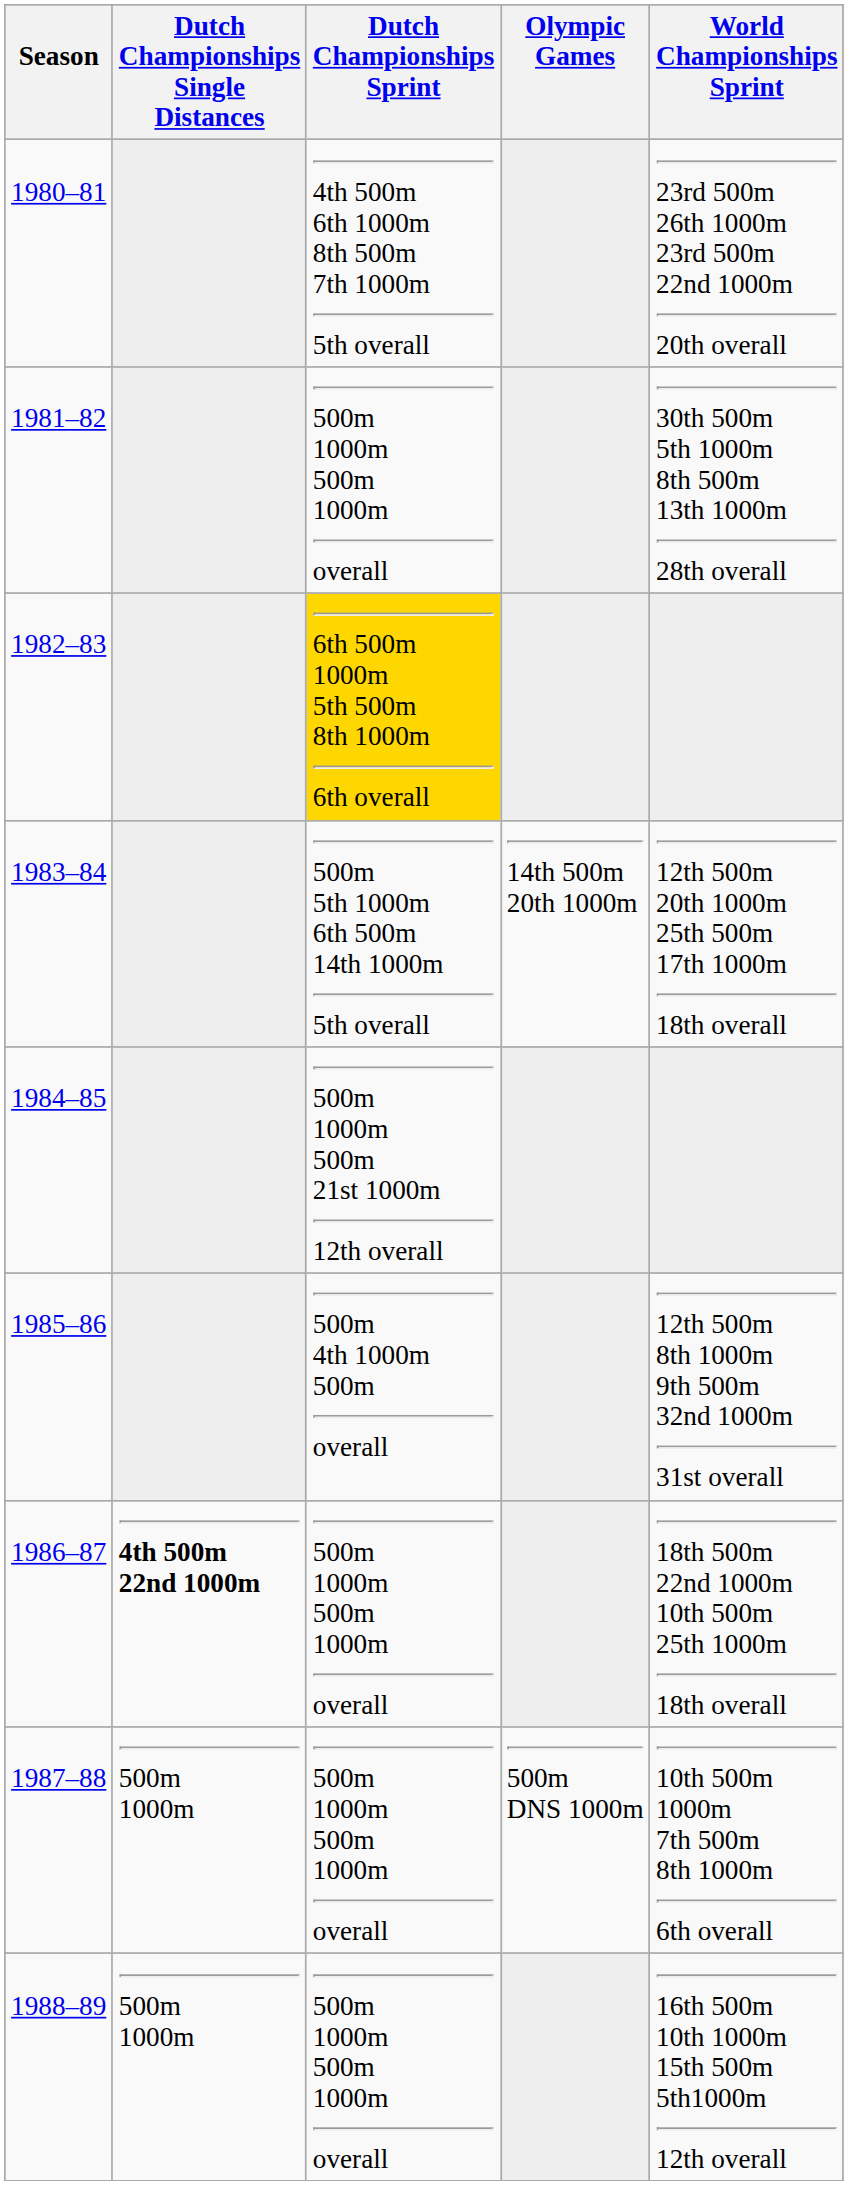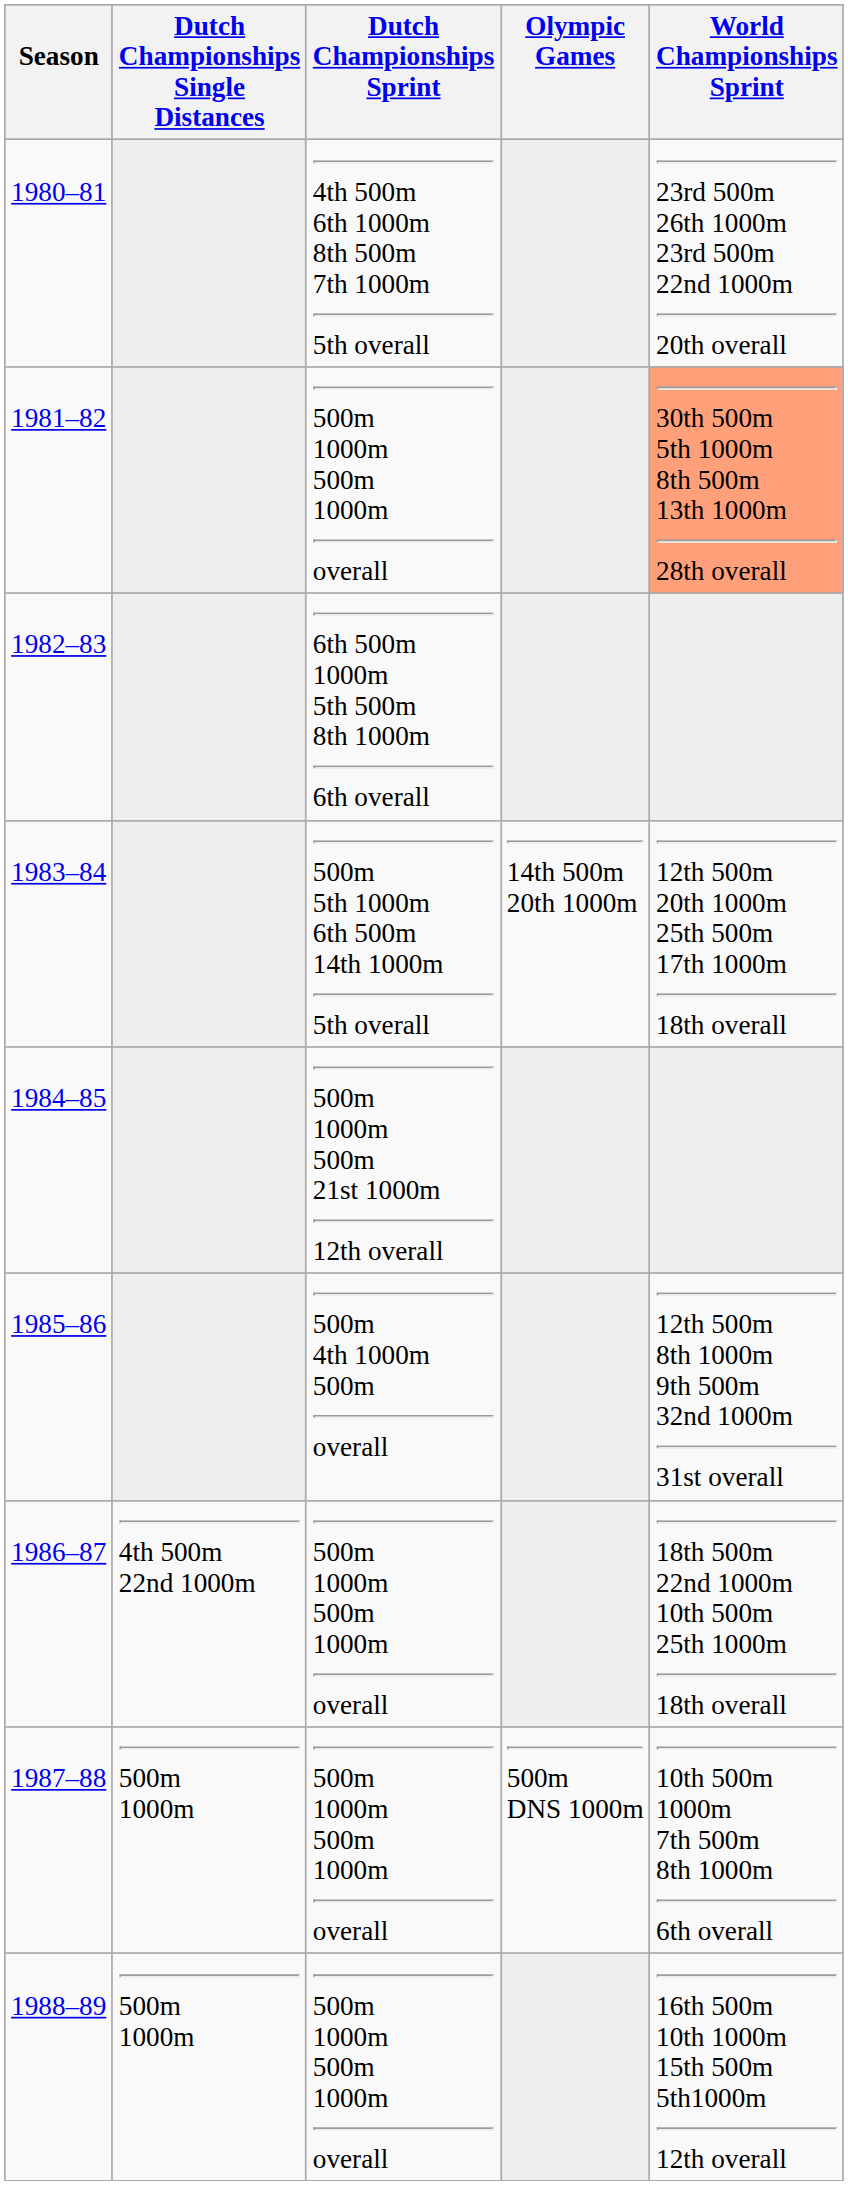 <table class="wikitable">
 <tr style="vertical-align: top;">
 <th><br> Season</th>
 <th><a href='#'>Dutch <br> Championships <br> Single <br> Distances</a></th>
 <th><a href='#'>Dutch <br> Championships <br> Sprint</a></th>
 <th><a href='#'>Olympic <br> Games</a></th>
 <th><a href='#'>World <br> Championships <br> Sprint</a></th>
 </tr>
 <tr style="vertical-align: top;">
 <td><br> <a href='#'>1980–81</a></td>
 <td bgcolor=#EEEEEE></td>
 <td> <hr> 4th 500m <br> 6th 1000m <br> 8th 500m <br> 7th 1000m <hr> 5th overall</td>
 <td bgcolor=#EEEEEE></td>
 <td> <hr> 23rd 500m <br> 26th 1000m <br> 23rd 500m <br> 22nd 1000m <hr> 20th overall</td>
 </tr>
 <tr style="vertical-align: top;">
 <td><br> <a href='#'>1981–82</a></td>
 <td bgcolor=#EEEEEE></td>
 <td> <hr>  500m <br>  1000m <br>  500m <br>  1000m <hr>  overall</td>
 <td bgcolor=#EEEEEE></td>
-<td> <hr> 30th 500m <br> 5th 1000m <br> 8th 500m <br> 13th 1000m <hr> 28th overall</td>
+<td style="background: lightsalmon;"> <hr> 30th 500m <br> 5th 1000m <br> 8th 500m <br> 13th 1000m <hr> 28th overall</td>
 </tr>
 <tr style="vertical-align: top;">
 <td><br> <a href='#'>1982–83</a></td>
 <td bgcolor=#EEEEEE></td>
-<td style="background: gold;"> <hr> 6th 500m <br>  1000m <br> 5th 500m <br> 8th 1000m <hr> 6th overall</td>
+<td> <hr> 6th 500m <br>  1000m <br> 5th 500m <br> 8th 1000m <hr> 6th overall</td>
 <td bgcolor=#EEEEEE></td>
 <td bgcolor=#EEEEEE></td>
 </tr>
 <tr style="vertical-align: top;">
 <td><br> <a href='#'>1983–84</a></td>
 <td bgcolor=#EEEEEE></td>
 <td> <hr>  500m <br> 5th 1000m <br> 6th 500m <br> 14th 1000m <hr> 5th overall</td>
 <td> <hr> 14th 500m <br> 20th 1000m</td>
 <td> <hr> 12th 500m <br> 20th 1000m <br> 25th 500m <br> 17th 1000m <hr> 18th overall</td>
 </tr>
 <tr style="vertical-align: top;">
 <td><br> <a href='#'>1984–85</a></td>
 <td bgcolor=#EEEEEE></td>
 <td> <hr>  500m <br>  1000m <br>  500m <br> 21st 1000m <hr> 12th overall</td>
 <td bgcolor=#EEEEEE></td>
 <td bgcolor=#EEEEEE></td>
 </tr>
 <tr style="vertical-align: top;">
 <td><br> <a href='#'>1985–86</a></td>
 <td bgcolor=#EEEEEE></td>
 <td> <hr>  500m <br> 4th 1000m <br>  500m <hr>  overall</td>
 <td bgcolor=#EEEEEE></td>
 <td> <hr> 12th 500m <br> 8th 1000m <br> 9th 500m <br> 32nd 1000m <hr> 31st overall</td>
 </tr>
 <tr style="vertical-align: top;">
 <td><br> <a href='#'>1986–87</a></td>
-<td><strong>  <hr> 4th 500m <br> 22nd 1000m</strong></td>
+<td>  <hr> 4th 500m <br> 22nd 1000m</td>
 <td> <hr>  500m <br>  1000m <br>  500m <br>  1000m <hr>  overall</td>
 <td bgcolor=#EEEEEE></td>
 <td> <hr> 18th 500m <br> 22nd 1000m <br> 10th 500m <br> 25th 1000m <hr> 18th overall</td>
 </tr>
 <tr style="vertical-align: top;">
 <td><br> <a href='#'>1987–88</a></td>
 <td> <hr>  500m <br>  1000m</td>
 <td> <hr>  500m <br>  1000m <br>  500m <br>  1000m <hr>  overall</td>
 <td> <hr>  500m <br> DNS 1000m</td>
 <td> <hr> 10th 500m <br>  1000m <br> 7th 500m <br> 8th 1000m <hr> 6th overall</td>
 </tr>
 <tr style="vertical-align: top;">
 <td><br> <a href='#'>1988–89</a></td>
 <td> <hr>  500m <br>  1000m</td>
 <td> <hr>  500m <br>  1000m <br>  500m <br>  1000m <hr>  overall</td>
 <td bgcolor=#EEEEEE></td>
 <td> <hr> 16th 500m <br> 10th 1000m <br> 15th 500m <br> 5th1000m <hr> 12th overall</td>
 </tr>
 </table>
